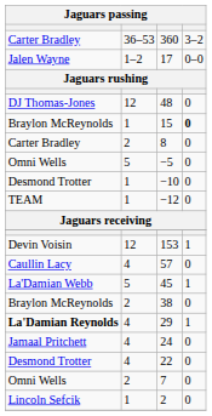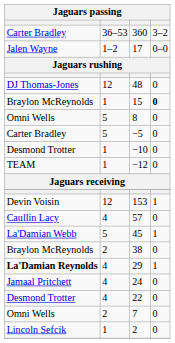 <table class="wikitable plainrowheaders">
 <tr>
 <th colspan="6">Jaguars passing</th>
 </tr>
 <tr>
 <th scope="col"></th>
 <th scope="col"></th>
 <th scope="col"></th>
 <th scope="col"></th>
 </tr>
 <tr>
 <td><a href='#'>Carter Bradley</a></td>
 <td>36–53</td>
 <td>360</td>
 <td>3–2</td>
 </tr>
 <tr>
 <td><a href='#'>Jalen Wayne</a></td>
 <td>1–2</td>
 <td>17</td>
 <td>0–0</td>
 </tr>
 <tr>
 <th colspan="6">Jaguars rushing</th>
 </tr>
 <tr>
 <th scope="col"></th>
 <th scope="col"></th>
 <th scope="col"></th>
 <th scope="col"></th>
 </tr>
 <tr>
 <td><a href='#'>DJ Thomas-Jones</a></td>
 <td>12</td>
 <td>48</td>
 <td>0</td>
 </tr>
 <tr>
 <td>Braylon McReynolds</td>
 <td>1</td>
 <td>15</td>
 <td><strong>0</strong></td>
 </tr>
 <tr>
-<td>Carter Bradley</td>
-<td>2</td>
+<td>Omni Wells</td>
+<td>5</td>
 <td>8</td>
 <td>0</td>
 </tr>
 <tr>
-<td>Omni Wells</td>
+<td>Carter Bradley</td>
 <td>5</td>
 <td>−5</td>
 <td>0</td>
 </tr>
 <tr>
 <td>Desmond Trotter</td>
 <td>1</td>
 <td>−10</td>
 <td>0</td>
 </tr>
 <tr>
 <td>TEAM</td>
 <td>1</td>
 <td>−12</td>
 <td>0</td>
 </tr>
 <tr>
 <th colspan="6">Jaguars receiving</th>
 </tr>
 <tr>
 </tr>
 <tr>
 <th scope="col"></th>
 <th scope="col"></th>
 <th scope="col"></th>
 <th scope="col"></th>
 </tr>
 <tr>
 <td>Devin Voisin</td>
 <td>12</td>
 <td>153</td>
 <td>1</td>
 </tr>
 <tr>
 <td><a href='#'>Caullin Lacy</a></td>
 <td>4</td>
 <td>57</td>
 <td>0</td>
 </tr>
 <tr>
 <td><a href='#'>La'Damian Webb</a></td>
 <td>5</td>
 <td>45</td>
 <td>1</td>
 </tr>
 <tr>
 <td>Braylon McReynolds</td>
 <td>2</td>
 <td>38</td>
 <td>0</td>
 </tr>
 <tr>
 <td><strong>La'Damian Reynolds</strong></td>
 <td>4</td>
 <td>29</td>
 <td>1</td>
 </tr>
 <tr>
 <td><a href='#'>Jamaal Pritchett</a></td>
 <td>4</td>
 <td>24</td>
 <td>0</td>
 </tr>
 <tr>
 <td><a href='#'>Desmond Trotter</a></td>
 <td>4</td>
 <td>22</td>
 <td>0</td>
 </tr>
 <tr>
 <td>Omni Wells</td>
 <td>2</td>
 <td>7</td>
 <td>0</td>
 </tr>
 <tr>
 <td><a href='#'>Lincoln Sefcik</a></td>
 <td>1</td>
 <td>2</td>
 <td>0</td>
 </tr>
 <tr>
 </tr>
 </table>
